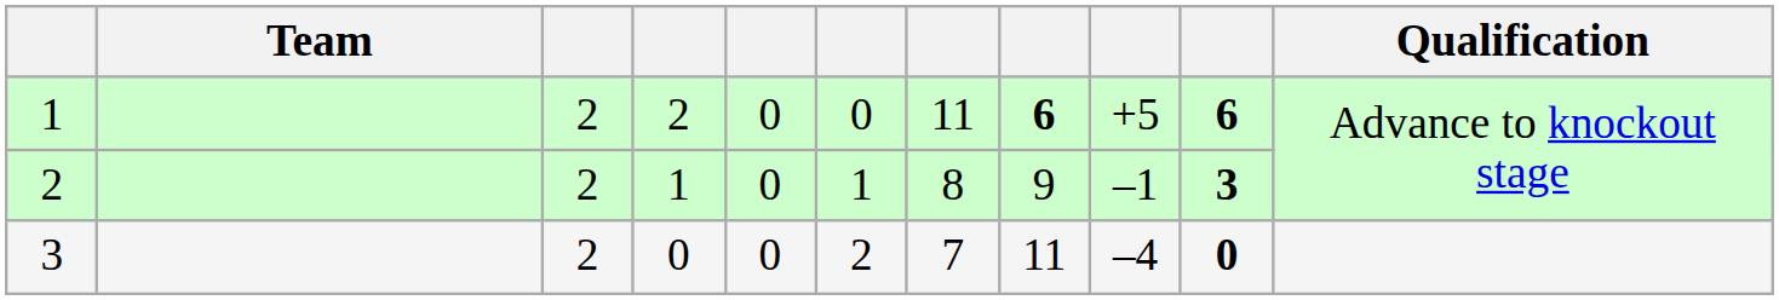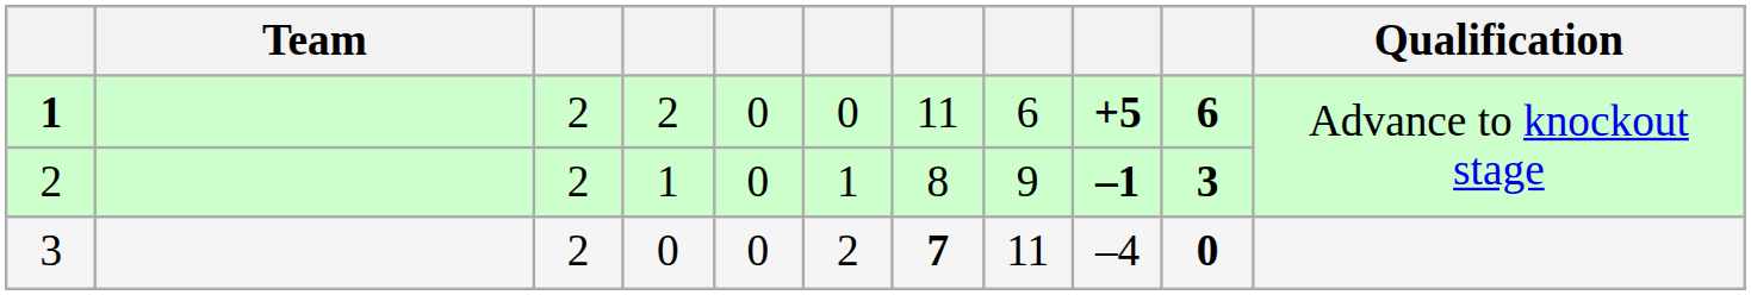 <table class="wikitable" style="text-align: center;">
 <tr>
 <th width="25"></th>
 <th width="150">Team</th>
 <th width="25"></th>
 <th width="25"></th>
 <th width="25"></th>
 <th width="25"></th>
 <th width="25"></th>
 <th width="25"></th>
 <th width="25"></th>
 <th width="25"></th>
 <th width="170">Qualification</th>
 </tr>
 <tr align=center style="background:#ccffcc;">
-<td>1</td>
+<td><strong>1</strong></td>
 <td style="text-align:left;"></td>
 <td>2</td>
 <td>2</td>
 <td>0</td>
 <td>0</td>
 <td>11</td>
-<td><strong>6</strong></td>
-<td>+5</td>
+<td>6</td>
+<td><strong>+5</strong></td>
 <td><strong>6</strong></td>
 <td rowspan="2">Advance to <a href='#'>knockout stage</a></td>
 </tr>
 <tr align=center style="background:#ccffcc;">
 <td>2</td>
 <td style="text-align:left;"></td>
 <td>2</td>
 <td>1</td>
 <td>0</td>
 <td>1</td>
 <td>8</td>
 <td>9</td>
-<td>–1</td>
+<td><strong>–1</strong></td>
 <td><strong>3</strong></td>
 </tr>
 <tr align=center style="background:#f5f5f5;">
 <td>3</td>
 <td style="text-align:left;"></td>
 <td>2</td>
 <td>0</td>
 <td>0</td>
 <td>2</td>
-<td>7</td>
+<td><strong>7</strong></td>
 <td>11</td>
 <td>–4</td>
 <td><strong>0</strong></td>
 <td></td>
 </tr>
 </table>
